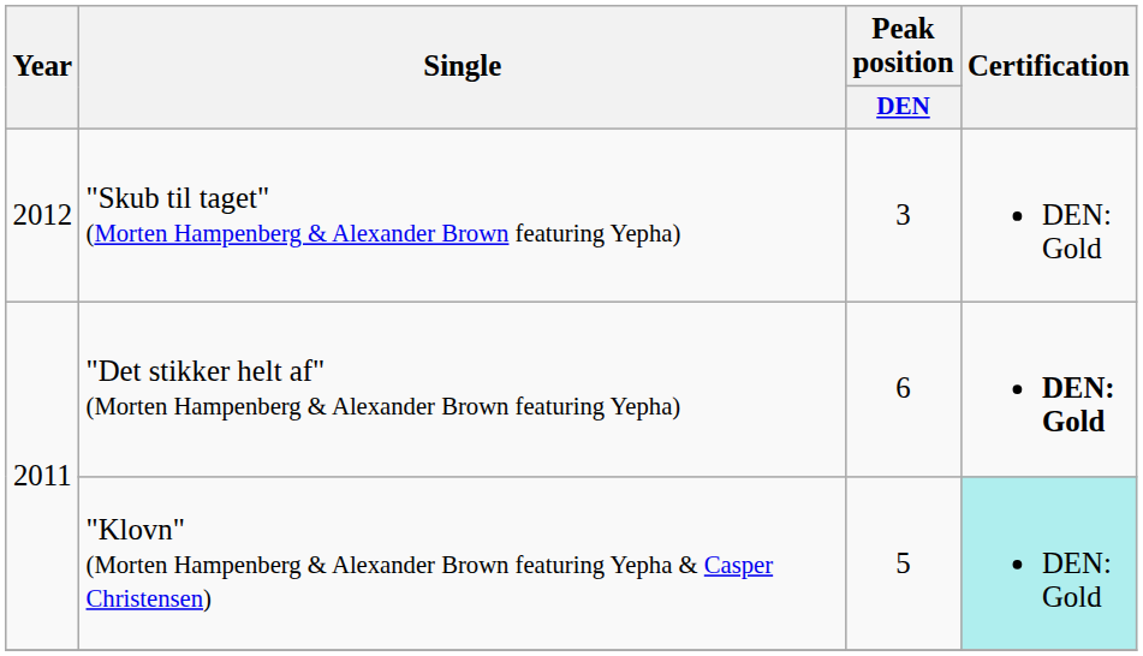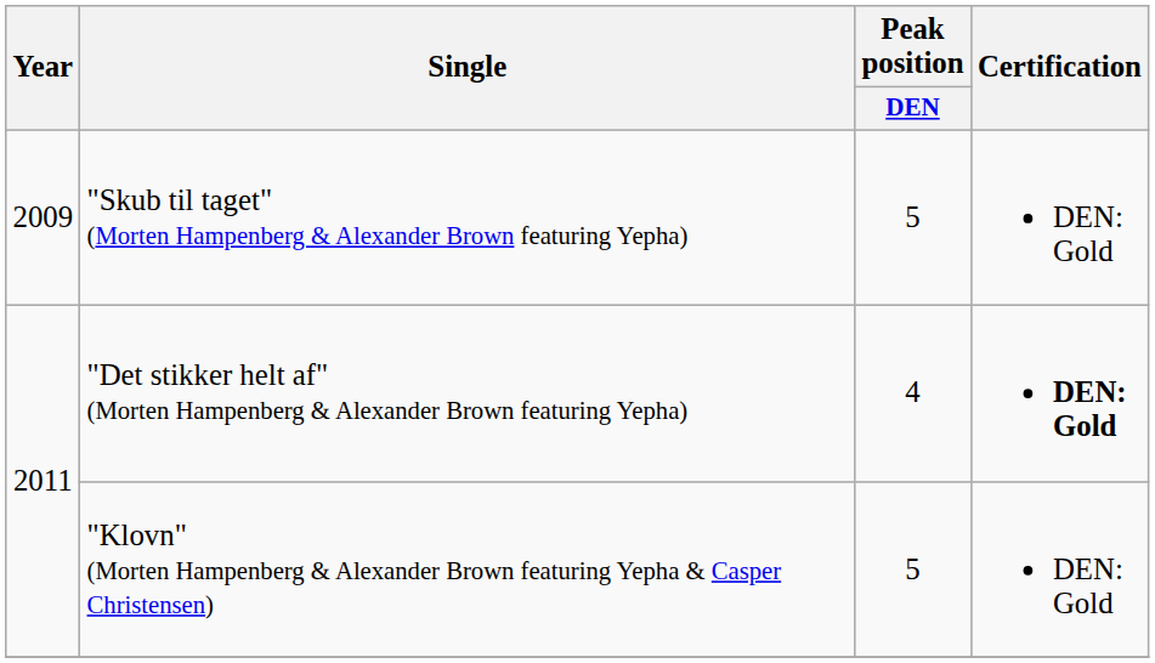 <table class="wikitable plainrowheaders" style="text-align:left;" border="1">
 <tr>
 <th scope="col" rowspan="2">Year</th>
 <th scope="col" rowspan="2" style="width:30em;">Single</th>
 <th scope="col" colspan="1">Peak position</th>
 <th scope="col" rowspan="2">Certification</th>
 </tr>
 <tr>
 <th scope="col" style="width:3em;font-size:85%;"><a href='#'>DEN</a><br></th>
 </tr>
 <tr>
-<td rowspan="1" align="center">2012</td>
+<td rowspan="1" align="center">2009</td>
 <td>"Skub til taget" <br><small>(<a href='#'>Morten Hampenberg & Alexander Brown</a> featuring Yepha)</small></td>
-<td style="text-align:center;">3</td>
+<td style="text-align:center;">5</td>
 <td><br><ul><li>DEN: Gold</li></ul></td>
 </tr>
 <tr>
 <td rowspan="2" align="center">2011</td>
 <td>"Det stikker helt af" <br><small>(Morten Hampenberg & Alexander Brown featuring Yepha)</small></td>
-<td style="text-align:center;">6</td>
+<td style="text-align:center;">4</td>
 <td><strong><br><ul><li>DEN: Gold</li></ul></strong></td>
 </tr>
 <tr>
 <td>"Klovn"<br><small>(Morten Hampenberg & Alexander Brown featuring Yepha & <a href='#'>Casper Christensen</a>)</small></td>
 <td style="text-align:center;">5</td>
-<td style="background: paleturquoise;"><br><ul><li>DEN: Gold</li></ul></td>
+<td><br><ul><li>DEN: Gold</li></ul></td>
 </tr>
 <tr>
 </tr>
 </table>
